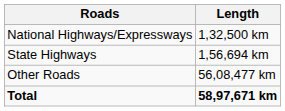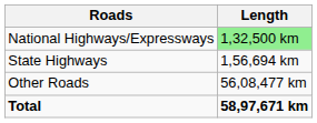 <table class="wikitable sortable">
 <tr>
 <th>Roads</th>
 <th>Length</th>
 </tr>
 <tr>
 <td>National Highways/Expressways</td>
-<td>1,32,500 km</td>
+<td style="background: lightgreen;">1,32,500 km</td>
 </tr>
 <tr>
 <td>State Highways</td>
 <td>1,56,694 km</td>
 </tr>
 <tr>
 <td>Other Roads</td>
 <td>56,08,477 km</td>
 </tr>
 <tr>
 <td><strong>Total</strong></td>
 <td><strong>58,97,671 km</strong></td>
 </tr>
 </table>
